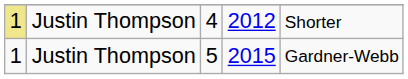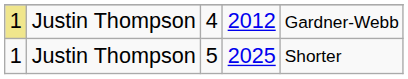 <table class="wikitable">
 <tr>
 </tr>
 <tr>
 <td style="background: khaki;">1</td>
 <td>Justin Thompson</td>
 <td>4</td>
 <td><a href='#'>2012</a></td>
-<td style="font-size:80%;">Shorter</td>
+<td style="font-size:80%;">Gardner-Webb</td>
 </tr>
 <tr>
 <td>1</td>
 <td>Justin Thompson</td>
 <td>5</td>
-<td><a href='#'>2015</a></td>
-<td style="font-size:80%;">Gardner-Webb</td>
+<td><a href='#'>2025</a></td>
+<td style="font-size:80%;">Shorter</td>
 </tr>
 </table>
